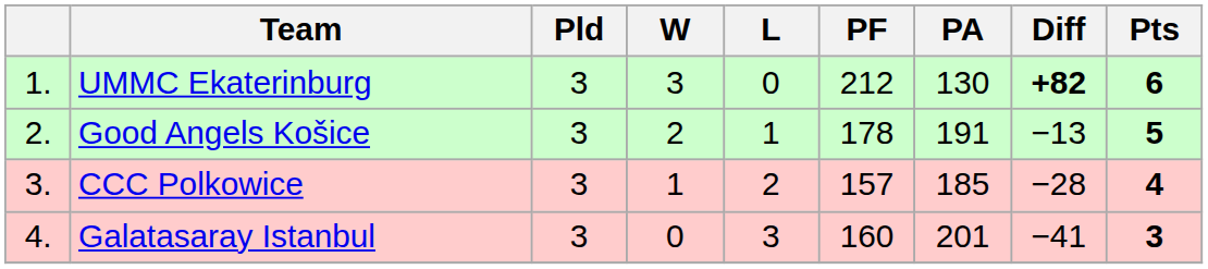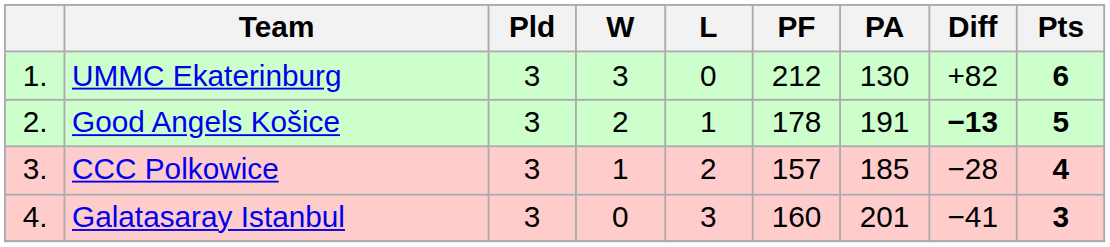 <table class="wikitable" style="text-align:center">
 <tr>
 <th width=25></th>
 <th width=220>Team</th>
 <th width=40>Pld</th>
 <th width=40>W</th>
 <th width=40>L</th>
 <th width=40>PF</th>
 <th width=40>PA</th>
 <th width=40>Diff</th>
 <th width=40>Pts</th>
 </tr>
 <tr style="background:#ccffcc;">
 <td>1.</td>
 <td align=left> <a href='#'>UMMC Ekaterinburg</a></td>
 <td>3</td>
 <td>3</td>
 <td>0</td>
 <td>212</td>
 <td>130</td>
-<td><strong>+82</strong></td>
+<td>+82</td>
 <td><strong>6</strong></td>
 </tr>
 <tr style="background:#ccffcc;">
 <td>2.</td>
 <td align=left> <a href='#'>Good Angels Košice</a></td>
 <td>3</td>
 <td>2</td>
 <td>1</td>
 <td>178</td>
 <td>191</td>
-<td>−13</td>
+<td><strong>−13</strong></td>
 <td><strong>5</strong></td>
 </tr>
 <tr style="background:#ffcccc;">
 <td>3.</td>
 <td align=left> <a href='#'>CCC Polkowice</a></td>
 <td>3</td>
 <td>1</td>
 <td>2</td>
 <td>157</td>
 <td>185</td>
 <td>−28</td>
 <td><strong>4</strong></td>
 </tr>
 <tr style="background:#ffcccc;">
 <td>4.</td>
 <td align=left> <a href='#'>Galatasaray Istanbul</a></td>
 <td>3</td>
 <td>0</td>
 <td>3</td>
 <td>160</td>
 <td>201</td>
 <td>−41</td>
 <td><strong>3</strong></td>
 </tr>
 <tr>
 </tr>
 </table>
